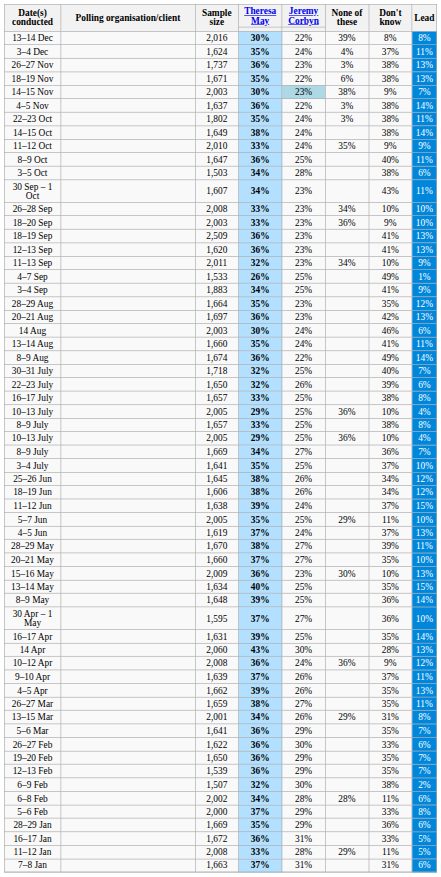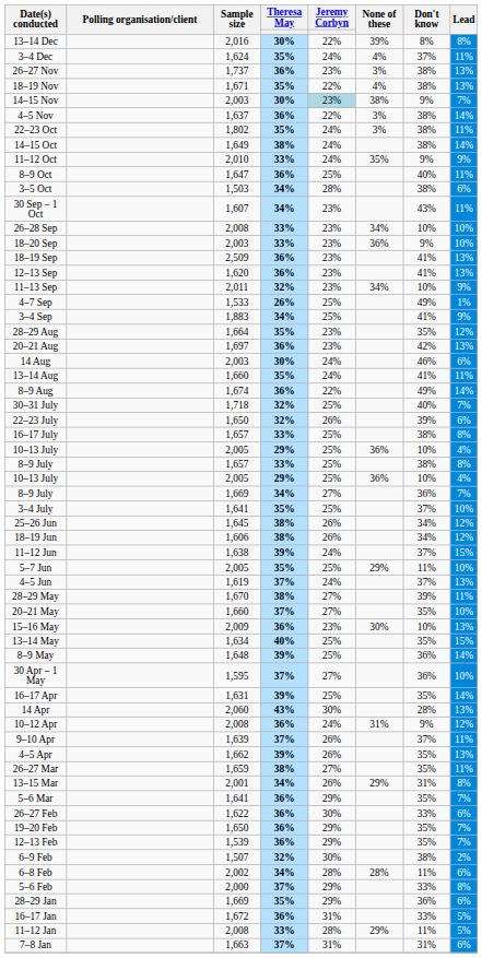 <table class="wikitable collapsible sortable" style="text-align:center;font-size:90%;line-height:14px">
 <tr>
 <th style="width:80px;" rowspan="2" class="unsortable">Date(s)<br>conducted</th>
 <th style="width:200px;" rowspan="2">Polling organisation/client</th>
 <th style="width:60px;" rowspan="2">Sample size</th>
 <th style="width:60px;" class="unsortable"><a href='#'>Theresa May</a></th>
 <th style="width:60px;" class="unsortable"><a href='#'>Jeremy Corbyn</a></th>
 <th style="width:60px;" rowspan="2" class="unsortable">None of these</th>
 <th style="width:60px;" rowspan="2" class="unsortable">Don't know</th>
 <th class="unsortable" style="width:20px;" rowspan="2">Lead</th>
 </tr>
 <tr>
 <th class="unsortable" style="color:inherit;background:"></th>
 <th class="unsortable" style="color:inherit;background:"></th>
 </tr>
 <tr>
 <td>13–14 Dec</td>
 <td> </td>
 <td>2,016</td>
 <td style="background:#B3E0FF"><strong>30%</strong></td>
 <td>22%</td>
 <td>39%</td>
 <td>8%</td>
 <td style="background:#0087DC; color:white;">8%</td>
 </tr>
 <tr>
 <td>3–4 Dec</td>
 <td></td>
 <td>1,624</td>
 <td style="background:#B3E0FF"><strong>35%</strong></td>
 <td>24%</td>
 <td>4%</td>
 <td>37%</td>
 <td style="background:#0087DC; color:white;">11%</td>
 </tr>
 <tr>
 <td>26–27 Nov</td>
 <td></td>
 <td>1,737</td>
 <td style="background:#B3E0FF"><strong>36%</strong></td>
 <td>23%</td>
 <td>3%</td>
 <td>38%</td>
 <td style="background:#0087DC; color:white;">13%</td>
 </tr>
 <tr>
 <td>18–19 Nov</td>
 <td></td>
 <td>1,671</td>
 <td style="background:#B3E0FF"><strong>35%</strong></td>
 <td>22%</td>
-<td>6%</td>
+<td>4%</td>
 <td>38%</td>
 <td style="background:#0087DC; color:white;">13%</td>
 </tr>
 <tr>
 <td>14–15 Nov</td>
 <td> </td>
 <td>2,003</td>
 <td style="background:#B3E0FF"><strong>30%</strong></td>
 <td style="background: lightblue;">23%</td>
 <td>38%</td>
 <td>9%</td>
 <td style="background:#0087DC; color:white;">7%</td>
 </tr>
 <tr>
 <td>4–5 Nov</td>
 <td></td>
 <td>1,637</td>
 <td style="background:#B3E0FF"><strong>36%</strong></td>
 <td>22%</td>
 <td>3%</td>
 <td>38%</td>
 <td style="background:#0087DC; color:white;">14%</td>
 </tr>
 <tr>
 <td>22–23 Oct</td>
 <td></td>
 <td>1,802</td>
 <td style="background:#B3E0FF"><strong>35%</strong></td>
 <td>24%</td>
 <td>3%</td>
 <td>38%</td>
 <td style="background:#0087DC; color:white;">11%</td>
 </tr>
 <tr>
 <td>14–15 Oct</td>
 <td></td>
 <td>1,649</td>
 <td style="background:#B3E0FF"><strong>38%</strong></td>
 <td>24%</td>
 <td></td>
 <td>38%</td>
 <td style="background:#0087DC; color:white;">14%</td>
 </tr>
 <tr>
 <td>11–12 Oct</td>
 <td></td>
 <td>2,010</td>
 <td style="background:#B3E0FF"><strong>33%</strong></td>
 <td>24%</td>
 <td>35%</td>
 <td>9%</td>
 <td style="background:#0087DC; color:white;">9%</td>
 </tr>
 <tr>
 <td>8–9 Oct</td>
 <td></td>
 <td>1,647</td>
 <td style="background:#B3E0FF"><strong>36%</strong></td>
 <td>25%</td>
 <td></td>
 <td>40%</td>
 <td style="background:#0087DC; color:white;">11%</td>
 </tr>
 <tr>
 <td>3–5 Oct</td>
 <td></td>
 <td>1,503</td>
 <td style="background:#B3E0FF"><strong>34%</strong></td>
 <td>28%</td>
 <td></td>
 <td>38%</td>
 <td style="background:#0087DC; color:white;">6%</td>
 </tr>
 <tr>
 <td>30 Sep – 1 Oct</td>
 <td></td>
 <td>1,607</td>
 <td style="background:#B3E0FF"><strong>34%</strong></td>
 <td>23%</td>
 <td></td>
 <td>43%</td>
 <td style="background:#0087DC; color:white;">11%</td>
 </tr>
 <tr>
 <td>26–28 Sep</td>
 <td></td>
 <td>2,008</td>
 <td style="background:#B3E0FF"><strong>33%</strong></td>
 <td>23%</td>
 <td>34%</td>
 <td>10%</td>
 <td style="background:#0087DC; color:white;">10%</td>
 </tr>
 <tr>
 <td>18–20 Sep</td>
 <td> </td>
 <td>2,003</td>
 <td style="background:#B3E0FF"><strong>33%</strong></td>
 <td>23%</td>
 <td>36%</td>
 <td>9%</td>
 <td style="background:#0087DC; color:white;">10%</td>
 </tr>
 <tr>
 <td>18–19 Sep</td>
 <td></td>
 <td>2,509</td>
 <td style="background:#B3E0FF"><strong>36%</strong></td>
 <td>23%</td>
 <td></td>
 <td>41%</td>
 <td style="background:#0087DC; color:white;">13%</td>
 </tr>
 <tr>
 <td>12–13 Sep</td>
 <td></td>
 <td>1,620</td>
 <td style="background:#B3E0FF"><strong>36%</strong></td>
 <td>23%</td>
 <td></td>
 <td>41%</td>
 <td style="background:#0087DC; color:white;">13%</td>
 </tr>
 <tr>
 <td>11–13 Sep</td>
 <td></td>
 <td>2,011</td>
 <td style="background:#B3E0FF"><strong>32%</strong></td>
 <td>23%</td>
 <td>34%</td>
 <td>10%</td>
 <td style="background:#0087DC; color:white;">9%</td>
 </tr>
 <tr>
 <td>4–7 Sep</td>
 <td></td>
 <td>1,533</td>
 <td style="background:#B3E0FF"><strong>26%</strong></td>
 <td>25%</td>
 <td></td>
 <td>49%</td>
 <td style="background:#0087DC; color:white;">1%</td>
 </tr>
 <tr>
 <td>3–4 Sep</td>
 <td></td>
 <td>1,883</td>
 <td style="background:#B3E0FF"><strong>34%</strong></td>
 <td>25%</td>
 <td></td>
 <td>41%</td>
 <td style="background:#0087DC; color:white;">9%</td>
 </tr>
 <tr>
 <td>28–29 Aug</td>
 <td></td>
 <td>1,664</td>
 <td style="background:#B3E0FF"><strong>35%</strong></td>
 <td>23%</td>
 <td></td>
 <td>35%</td>
 <td style="background:#0087DC; color:white;">12%</td>
 </tr>
 <tr>
 <td>20–21 Aug</td>
 <td></td>
 <td>1,697</td>
 <td style="background:#B3E0FF"><strong>36%</strong></td>
 <td>23%</td>
 <td></td>
 <td>42%</td>
 <td style="background:#0087DC; color:white;">13%</td>
 </tr>
 <tr>
 <td>14 Aug</td>
 <td></td>
 <td>2,003</td>
 <td style="background:#B3E0FF"><strong>30%</strong></td>
 <td>24%</td>
 <td></td>
 <td>46%</td>
 <td style="background:#0087DC; color:white;">6%</td>
 </tr>
 <tr>
 <td>13–14 Aug</td>
 <td></td>
 <td>1,660</td>
 <td style="background:#B3E0FF"><strong>35%</strong></td>
 <td>24%</td>
 <td></td>
 <td>41%</td>
 <td style="background:#0087DC; color:white;">11%</td>
 </tr>
 <tr>
 <td>8–9 Aug</td>
 <td></td>
 <td>1,674</td>
 <td style="background:#B3E0FF"><strong>36%</strong></td>
 <td>22%</td>
 <td></td>
 <td>49%</td>
 <td style="background:#0087DC; color:white;">14%</td>
 </tr>
 <tr>
 <td>30–31 July</td>
 <td></td>
 <td>1,718</td>
 <td style="background:#B3E0FF"><strong>32%</strong></td>
 <td>25%</td>
 <td></td>
 <td>40%</td>
 <td style="background:#0087DC; color:white;">7%</td>
 </tr>
 <tr>
 <td>22–23 July</td>
 <td></td>
 <td>1,650</td>
 <td style="background:#B3E0FF"><strong>32%</strong></td>
 <td>26%</td>
 <td></td>
 <td>39%</td>
 <td style="background:#0087DC; color:white;">6%</td>
 </tr>
 <tr>
 <td>16–17 July</td>
 <td></td>
 <td>1,657</td>
 <td style="background:#B3E0FF"><strong>33%</strong></td>
 <td>25%</td>
 <td></td>
 <td>38%</td>
 <td style="background:#0087DC; color:white;">8%</td>
 </tr>
 <tr>
 <td>10–13 July</td>
 <td></td>
 <td>2,005</td>
 <td style="background:#B3E0FF"><strong>29%</strong></td>
 <td>25%</td>
 <td>36%</td>
 <td>10%</td>
 <td style="background:#0087DC; color:white;">4%</td>
 </tr>
 <tr>
 <td>8–9 July</td>
 <td></td>
 <td>1,657</td>
 <td style="background:#B3E0FF"><strong>33%</strong></td>
 <td>25%</td>
 <td></td>
 <td>38%</td>
 <td style="background:#0087DC; color:white;">8%</td>
 </tr>
 <tr>
 <td>10–13 July</td>
 <td></td>
 <td>2,005</td>
 <td style="background:#B3E0FF"><strong>29%</strong></td>
 <td>25%</td>
 <td>36%</td>
 <td>10%</td>
 <td style="background:#0087DC; color:white;">4%</td>
 </tr>
 <tr>
 <td>8–9 July</td>
 <td></td>
 <td>1,669</td>
 <td style="background:#B3E0FF"><strong>34%</strong></td>
 <td>27%</td>
 <td></td>
 <td>36%</td>
 <td style="background:#0087DC; color:white;">7%</td>
 </tr>
 <tr>
 <td>3–4 July</td>
 <td></td>
 <td>1,641</td>
 <td style="background:#B3E0FF"><strong>35%</strong></td>
 <td>25%</td>
 <td></td>
 <td>37%</td>
 <td style="background:#0087DC; color:white;">10%</td>
 </tr>
 <tr>
 <td>25–26 Jun</td>
 <td></td>
 <td>1,645</td>
 <td style="background:#B3E0FF"><strong>38%</strong></td>
 <td>26%</td>
 <td></td>
 <td>34%</td>
 <td style="background:#0087DC; color:white;">12%</td>
 </tr>
 <tr>
 <td>18–19 Jun</td>
 <td></td>
 <td>1,606</td>
 <td style="background:#B3E0FF"><strong>38%</strong></td>
 <td>26%</td>
 <td></td>
 <td>34%</td>
 <td style="background:#0087DC; color:white;">12%</td>
 </tr>
 <tr>
 <td>11–12 Jun</td>
 <td></td>
 <td>1,638</td>
 <td style="background:#B3E0FF"><strong>39%</strong></td>
 <td>24%</td>
 <td></td>
 <td>37%</td>
 <td style="background:#0087DC; color:white;">15%</td>
 </tr>
 <tr>
 <td>5–7 Jun</td>
 <td></td>
 <td>2,005</td>
 <td style="background:#B3E0FF"><strong>35%</strong></td>
 <td>25%</td>
 <td>29%</td>
 <td>11%</td>
 <td style="background:#0087DC; color:white;">10%</td>
 </tr>
 <tr>
 <td>4–5 Jun</td>
 <td></td>
 <td>1,619</td>
 <td style="background:#B3E0FF"><strong>37%</strong></td>
 <td>24%</td>
 <td></td>
 <td>37%</td>
 <td style="background:#0087DC; color:white;">13%</td>
 </tr>
 <tr>
 <td>28–29 May</td>
 <td></td>
 <td>1,670</td>
 <td style="background:#B3E0FF"><strong>38%</strong></td>
 <td>27%</td>
 <td></td>
 <td>39%</td>
 <td style="background:#0087DC; color:white;">11%</td>
 </tr>
 <tr>
 <td>20–21 May</td>
 <td></td>
 <td>1,660</td>
 <td style="background:#B3E0FF"><strong>37%</strong></td>
 <td>27%</td>
 <td></td>
 <td>35%</td>
 <td style="background:#0087DC; color:white;">10%</td>
 </tr>
 <tr>
 <td>15–16 May</td>
 <td></td>
 <td>2,009</td>
 <td style="background:#B3E0FF"><strong>36%</strong></td>
 <td>23%</td>
 <td>30%</td>
 <td>10%</td>
 <td style="background:#0087DC; color:white;">13%</td>
 </tr>
 <tr>
 <td>13–14 May</td>
 <td></td>
 <td>1,634</td>
 <td style="background:#B3E0FF"><strong>40%</strong></td>
 <td>25%</td>
 <td></td>
 <td>35%</td>
 <td style="background:#0087DC; color:white;">15%</td>
 </tr>
 <tr>
 <td>8–9 May</td>
 <td></td>
 <td>1,648</td>
 <td style="background:#B3E0FF"><strong>39%</strong></td>
 <td>25%</td>
 <td></td>
 <td>36%</td>
 <td style="background:#0087DC; color:white;">14%</td>
 </tr>
 <tr>
 <td>30 Apr – 1 May</td>
 <td></td>
 <td>1,595</td>
 <td style="background:#B3E0FF"><strong>37%</strong></td>
 <td>27%</td>
 <td></td>
 <td>36%</td>
 <td style="background:#0087DC; color:white;">10%</td>
 </tr>
 <tr>
 <td>16–17 Apr</td>
 <td></td>
 <td>1,631</td>
 <td style="background:#B3E0FF"><strong>39%</strong></td>
 <td>25%</td>
 <td></td>
 <td>35%</td>
 <td style="background:#0087DC; color:white;">14%</td>
 </tr>
 <tr>
 <td>14 Apr</td>
 <td></td>
 <td>2,060</td>
 <td style="background:#B3E0FF"><strong>43%</strong></td>
 <td>30%</td>
 <td></td>
 <td>28%</td>
 <td style="background:#0087DC; color:white;">13%</td>
 </tr>
 <tr>
 <td>10–12 Apr</td>
 <td></td>
 <td>2,008</td>
 <td style="background:#B3E0FF"><strong>36%</strong></td>
 <td>24%</td>
-<td>36%</td>
+<td>31%</td>
 <td>9%</td>
 <td style="background:#0087DC; color:white;">12%</td>
 </tr>
 <tr>
 <td>9–10 Apr</td>
 <td></td>
 <td>1,639</td>
 <td style="background:#B3E0FF"><strong>37%</strong></td>
 <td>26%</td>
 <td></td>
 <td>37%</td>
 <td style="background:#0087DC; color:white;">11%</td>
 </tr>
 <tr>
 <td>4–5 Apr</td>
 <td></td>
 <td>1,662</td>
 <td style="background:#B3E0FF"><strong>39%</strong></td>
 <td>26%</td>
 <td></td>
 <td>35%</td>
 <td style="background:#0087DC; color:white;">13%</td>
 </tr>
 <tr>
 <td>26–27 Mar</td>
 <td></td>
 <td>1,659</td>
 <td style="background:#B3E0FF"><strong>38%</strong></td>
 <td>27%</td>
 <td></td>
 <td>35%</td>
 <td style="background:#0087DC; color:white;">11%</td>
 </tr>
 <tr>
 <td>13–15 Mar</td>
 <td></td>
 <td>2,001</td>
 <td style="background:#B3E0FF"><strong>34%</strong></td>
 <td>26%</td>
 <td>29%</td>
 <td>31%</td>
 <td style="background:#0087DC; color:white;">8%</td>
 </tr>
 <tr>
 <td>5–6 Mar</td>
 <td></td>
 <td>1,641</td>
 <td style="background:#B3E0FF"><strong>36%</strong></td>
 <td>29%</td>
 <td></td>
 <td>35%</td>
 <td style="background:#0087DC; color:white;">7%</td>
 </tr>
 <tr>
 <td>26–27 Feb</td>
 <td></td>
 <td>1,622</td>
 <td style="background:#B3E0FF"><strong>36%</strong></td>
 <td>30%</td>
 <td></td>
 <td>33%</td>
 <td style="background:#0087DC; color:white;">6%</td>
 </tr>
 <tr>
 <td>19–20 Feb</td>
 <td></td>
 <td>1,650</td>
 <td style="background:#B3E0FF"><strong>36%</strong></td>
 <td>29%</td>
 <td></td>
 <td>35%</td>
 <td style="background:#0087DC; color:white;">7%</td>
 </tr>
 <tr>
 <td>12–13 Feb</td>
 <td></td>
 <td>1,539</td>
 <td style="background:#B3E0FF"><strong>36%</strong></td>
 <td>29%</td>
 <td></td>
 <td>35%</td>
 <td style="background:#0087DC; color:white;">7%</td>
 </tr>
 <tr>
 <td>6–9 Feb</td>
 <td></td>
 <td>1,507</td>
 <td style="background:#B3E0FF"><strong>32%</strong></td>
 <td>30%</td>
 <td></td>
 <td>38%</td>
 <td style="background:#0087DC; color:white;">2%</td>
 </tr>
 <tr>
 <td>6–8 Feb</td>
 <td></td>
 <td>2,002</td>
 <td style="background:#B3E0FF"><strong>34%</strong></td>
 <td>28%</td>
 <td>28%</td>
 <td>11%</td>
 <td style="background:#0087DC; color:white;">6%</td>
 </tr>
 <tr>
 <td>5–6 Feb</td>
 <td></td>
 <td>2,000</td>
 <td style="background:#B3E0FF"><strong>37%</strong></td>
 <td>29%</td>
 <td></td>
 <td>33%</td>
 <td style="background:#0087DC; color:white;">8%</td>
 </tr>
 <tr>
 <td>28–29 Jan</td>
 <td></td>
 <td>1,669</td>
 <td style="background:#B3E0FF"><strong>35%</strong></td>
 <td>29%</td>
 <td></td>
 <td>36%</td>
 <td style="background:#0087DC; color:white;">6%</td>
 </tr>
 <tr>
 <td>16–17 Jan</td>
 <td></td>
 <td>1,672</td>
 <td style="background:#B3E0FF"><strong>36%</strong></td>
 <td>31%</td>
 <td></td>
 <td>33%</td>
 <td style="background:#0087DC; color:white;">5%</td>
 </tr>
 <tr>
 <td>11–12 Jan</td>
 <td> </td>
 <td>2,008</td>
 <td style="background:#B3E0FF"><strong>33%</strong></td>
 <td>28%</td>
 <td>29%</td>
 <td>11%</td>
 <td style="background:#0087DC; color:white;">5%</td>
 </tr>
 <tr>
 <td>7–8 Jan</td>
 <td></td>
 <td>1,663</td>
 <td style="background:#B3E0FF"><strong>37%</strong></td>
 <td>31%</td>
 <td></td>
 <td>31%</td>
 <td style="background:#0087DC; color:white;">6%</td>
 </tr>
 <tr>
 </tr>
 </table>
